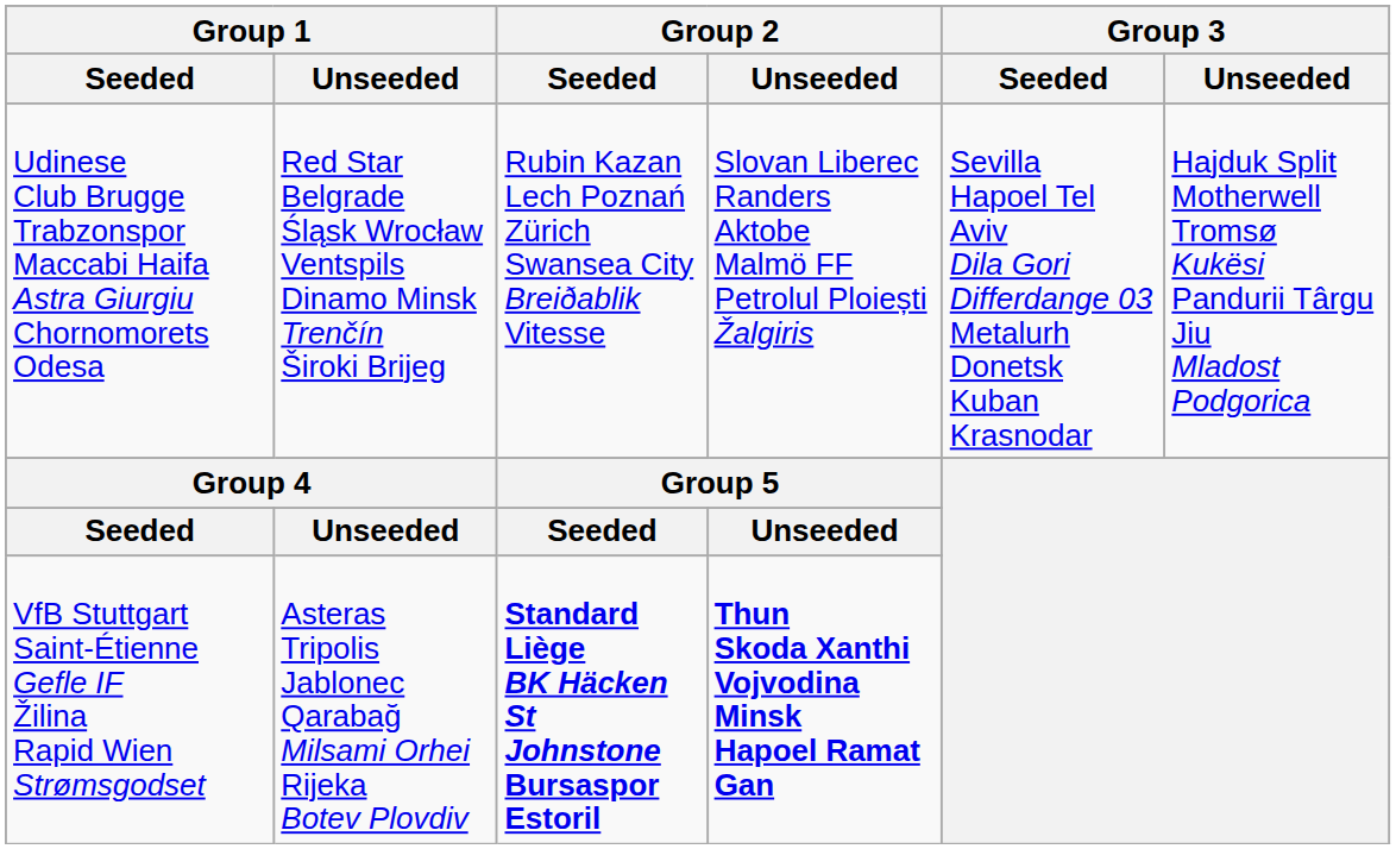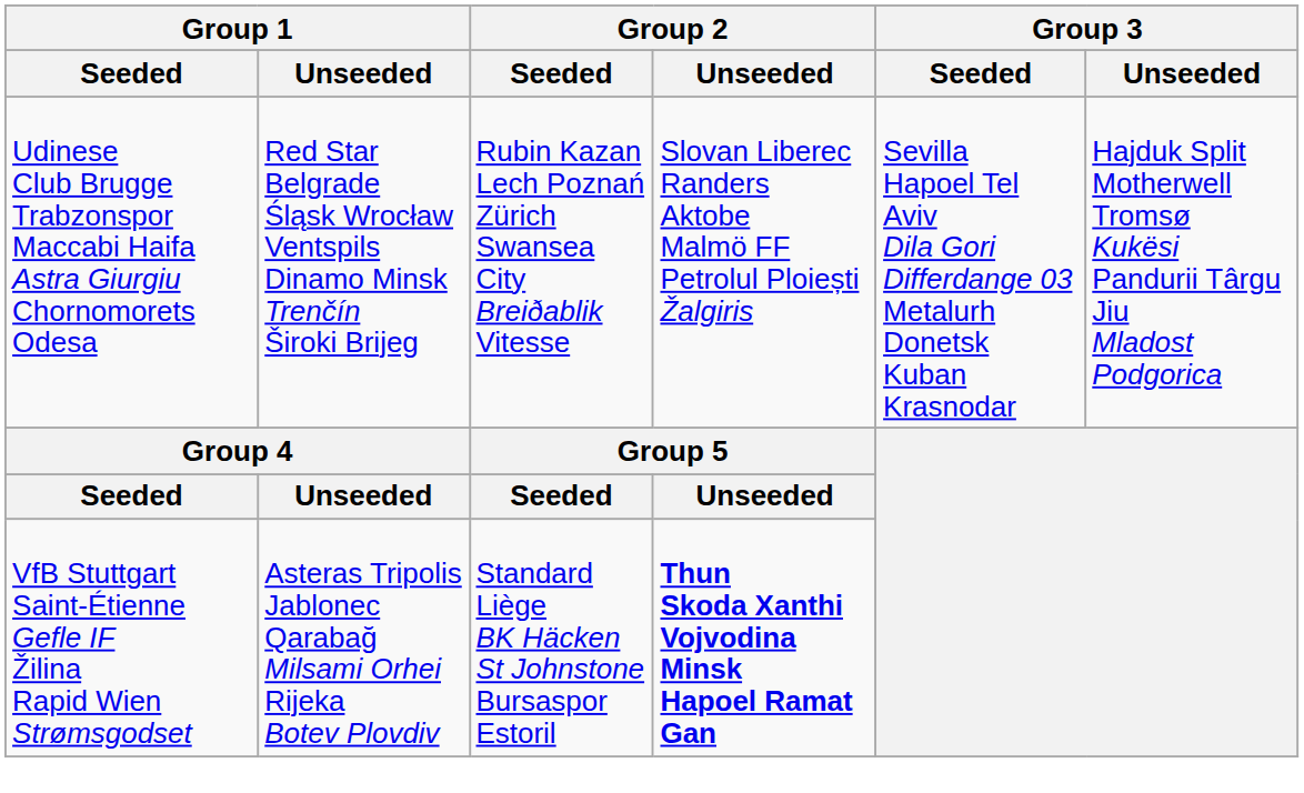 <table class="wikitable" style="font-size:85%">
 <tr>
 <th colspan=2>Group 1</th>
 <th colspan=2>Group 2</th>
 <th colspan=2>Group 3</th>
 </tr>
 <tr>
 <th>Seeded</th>
 <th>Unseeded</th>
 <th>Seeded</th>
 <th>Unseeded</th>
 <th>Seeded</th>
 <th>Unseeded</th>
 </tr>
 <tr>
 <td valign=top><br> <a href='#'>Udinese</a><br>  <a href='#'>Club Brugge</a><br>  <a href='#'>Trabzonspor</a><br>  <a href='#'>Maccabi Haifa</a><br>  <em><a href='#'>Astra Giurgiu</a></em><br>  <a href='#'>Chornomorets Odesa</a></td>
 <td valign=top><br> <a href='#'>Red Star Belgrade</a><br>  <a href='#'>Śląsk Wrocław</a><br>  <a href='#'>Ventspils</a><br>  <a href='#'>Dinamo Minsk</a><br>  <em><a href='#'>Trenčín</a></em><br>  <a href='#'>Široki Brijeg</a></td>
 <td valign=top><br> <a href='#'>Rubin Kazan</a><br>  <a href='#'>Lech Poznań</a><br>  <a href='#'>Zürich</a><br>  <a href='#'>Swansea City</a><br>  <em><a href='#'>Breiðablik</a></em><br>  <a href='#'>Vitesse</a></td>
 <td valign=top><br> <a href='#'>Slovan Liberec</a><br>  <a href='#'>Randers</a><br>  <a href='#'>Aktobe</a><br>  <a href='#'>Malmö FF</a><br>  <a href='#'>Petrolul Ploiești</a><br>  <em><a href='#'>Žalgiris</a></em></td>
 <td valign=top><br> <a href='#'>Sevilla</a><br>  <a href='#'>Hapoel Tel Aviv</a><br>  <em><a href='#'>Dila Gori</a></em><br>  <em><a href='#'>Differdange 03</a></em><br>  <a href='#'>Metalurh Donetsk</a><br>  <a href='#'>Kuban Krasnodar</a></td>
 <td valign=top><br> <a href='#'>Hajduk Split</a><br>  <a href='#'>Motherwell</a><br>  <a href='#'>Tromsø</a><br>  <em><a href='#'>Kukësi</a></em><br>  <a href='#'>Pandurii Târgu Jiu</a><br>  <em><a href='#'>Mladost Podgorica</a></em></td>
 </tr>
 <tr>
 <th colspan=2>Group 4</th>
 <th colspan=2>Group 5</th>
 <th rowspan=3 colspan=2></th>
 </tr>
 <tr>
 <th>Seeded</th>
 <th>Unseeded</th>
 <th>Seeded</th>
 <th>Unseeded</th>
 </tr>
 <tr>
 <td valign=top><br> <a href='#'>VfB Stuttgart</a><br>  <a href='#'>Saint-Étienne</a><br>  <em><a href='#'>Gefle IF</a></em><br>  <a href='#'>Žilina</a><br>  <a href='#'>Rapid Wien</a><br>  <em><a href='#'>Strømsgodset</a></em></td>
 <td valign=top><br> <a href='#'>Asteras Tripolis</a><br>  <a href='#'>Jablonec</a><br>  <a href='#'>Qarabağ</a><br>  <em><a href='#'>Milsami Orhei</a></em><br>  <a href='#'>Rijeka</a><br>  <em><a href='#'>Botev Plovdiv</a></em><br></td>
-<td valign=top><strong><br> <a href='#'>Standard Liège</a><br>  <em><a href='#'>BK Häcken</a></em><br>  <em><a href='#'>St Johnstone</a></em><br>  <a href='#'>Bursaspor</a><br>  <a href='#'>Estoril</a></strong></td>
+<td valign=top><br> <a href='#'>Standard Liège</a><br>  <em><a href='#'>BK Häcken</a></em><br>  <em><a href='#'>St Johnstone</a></em><br>  <a href='#'>Bursaspor</a><br>  <a href='#'>Estoril</a></td>
 <td valign=top><strong><br> <a href='#'>Thun</a><br>  <a href='#'>Skoda Xanthi</a><br>  <a href='#'>Vojvodina</a><br>  <a href='#'>Minsk</a><br>  <a href='#'>Hapoel Ramat Gan</a></strong></td>
 </tr>
 </table>
